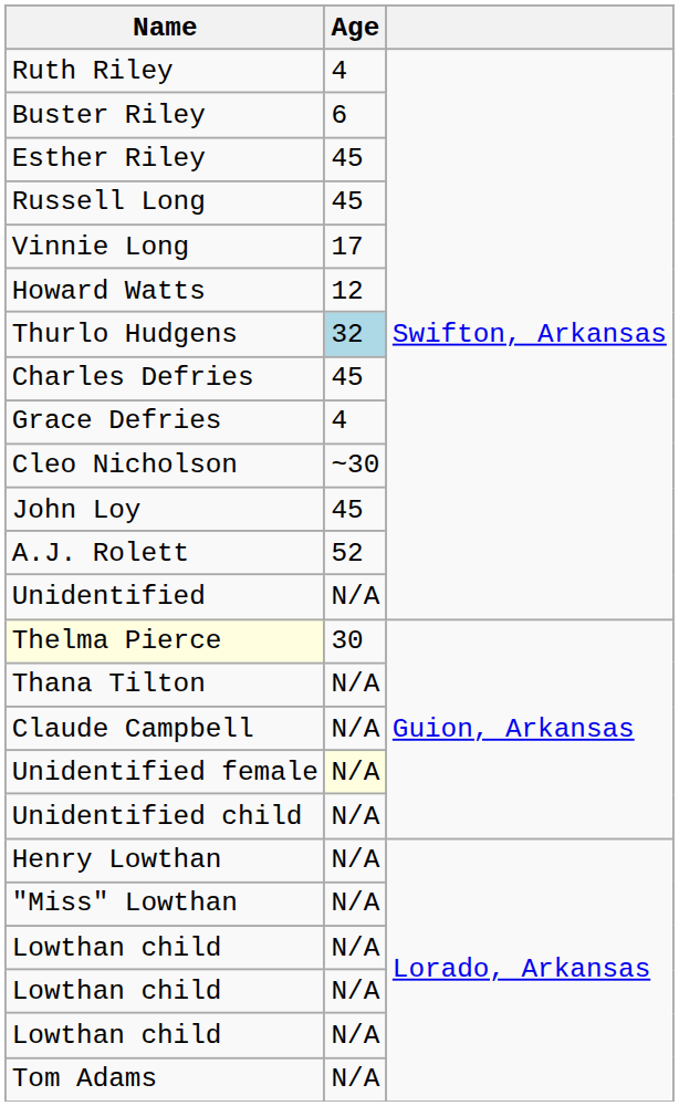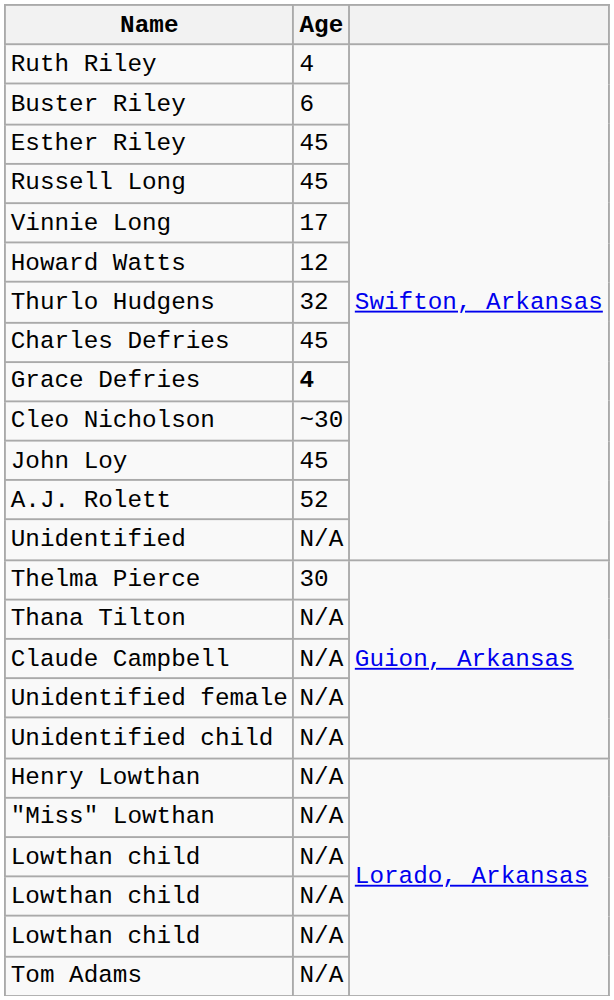 <table class="wikitable">
 <tr>
 <th>Name</th>
 <th>Age</th>
 <th></th>
 </tr>
 <tr>
 <td>Ruth Riley</td>
 <td>4</td>
 <td rowspan="13"><a href='#'>Swifton, Arkansas</a></td>
 </tr>
 <tr>
 <td>Buster Riley</td>
 <td>6</td>
 </tr>
 <tr>
 <td>Esther Riley</td>
 <td>45</td>
 </tr>
 <tr>
 <td>Russell Long</td>
 <td>45</td>
 </tr>
 <tr>
 <td>Vinnie Long</td>
 <td>17</td>
 </tr>
 <tr>
 <td>Howard Watts</td>
 <td>12</td>
 </tr>
 <tr>
 <td>Thurlo Hudgens</td>
-<td style="background: lightblue;">32</td>
+<td>32</td>
 </tr>
 <tr>
 <td>Charles Defries</td>
 <td>45</td>
 </tr>
 <tr>
 <td>Grace Defries</td>
-<td>4</td>
+<td><strong>4</strong></td>
 </tr>
 <tr>
 <td>Cleo Nicholson</td>
 <td>~30</td>
 </tr>
 <tr>
 <td>John Loy</td>
 <td>45</td>
 </tr>
 <tr>
 <td>A.J. Rolett</td>
 <td>52</td>
 </tr>
 <tr>
 <td>Unidentified</td>
 <td>N/A</td>
 </tr>
 <tr>
-<td style="background: lightyellow;">Thelma Pierce</td>
+<td>Thelma Pierce</td>
 <td>30</td>
 <td rowspan="5"><a href='#'>Guion, Arkansas</a></td>
 </tr>
 <tr>
 <td>Thana Tilton</td>
 <td>N/A</td>
 </tr>
 <tr>
 <td>Claude Campbell</td>
 <td>N/A</td>
 </tr>
 <tr>
 <td>Unidentified female</td>
-<td style="background: lightyellow;">N/A</td>
+<td>N/A</td>
 </tr>
 <tr>
 <td>Unidentified child</td>
 <td>N/A</td>
 </tr>
 <tr>
 <td>Henry Lowthan</td>
 <td>N/A</td>
 <td rowspan="6"><a href='#'>Lorado, Arkansas</a></td>
 </tr>
 <tr>
 <td>"Miss" Lowthan</td>
 <td>N/A</td>
 </tr>
 <tr>
 <td>Lowthan child</td>
 <td>N/A</td>
 </tr>
 <tr>
 <td>Lowthan child</td>
 <td>N/A</td>
 </tr>
 <tr>
 <td>Lowthan child</td>
 <td>N/A</td>
 </tr>
 <tr>
 <td>Tom Adams</td>
 <td>N/A</td>
 </tr>
 </table>
